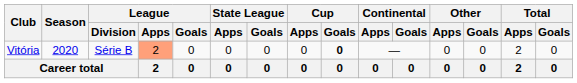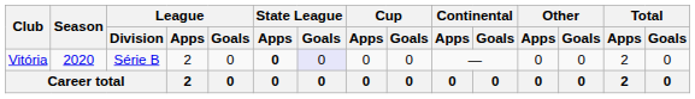 <table class="wikitable" style="text-align: center;">
 <tr>
 <th rowspan="2">Club</th>
 <th rowspan="2">Season</th>
 <th colspan="3">League</th>
 <th colspan="2">State League</th>
 <th colspan="2">Cup</th>
 <th colspan="2">Continental</th>
 <th colspan="2">Other</th>
 <th colspan="2">Total</th>
 </tr>
 <tr>
 <th>Division</th>
 <th>Apps</th>
 <th>Goals</th>
 <th>Apps</th>
 <th>Goals</th>
 <th>Apps</th>
 <th>Goals</th>
 <th>Apps</th>
 <th>Goals</th>
 <th>Apps</th>
 <th>Goals</th>
 <th>Apps</th>
 <th>Goals</th>
 </tr>
 <tr>
 <td rowspan="1" valign="center"><a href='#'>Vitória</a></td>
 <td><a href='#'>2020</a></td>
 <td rowspan="1"><a href='#'>Série B</a></td>
-<td style="background: lightsalmon;">2</td>
+<td>2</td>
+<td>0</td>
+<td><strong>0</strong></td>
+<td style="background: lavender;">0</td>
 <td>0</td>
 <td>0</td>
-<td>0</td>
-<td>0</td>
-<td><strong>0</strong></td>
 <td colspan="2">—</td>
 <td>0</td>
 <td>0</td>
 <td>2</td>
 <td>0</td>
 </tr>
 <tr>
 <th colspan="3"><strong>Career total</strong></th>
 <th>2</th>
 <th>0</th>
 <th>0</th>
 <th>0</th>
 <th>0</th>
 <th>0</th>
 <th>0</th>
 <th>0</th>
 <th>0</th>
 <th>0</th>
 <th>2</th>
 <th>0</th>
 </tr>
 </table>
